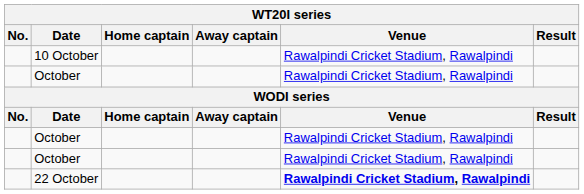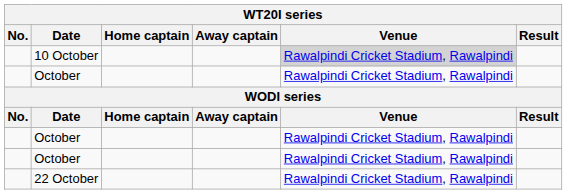 <table class="wikitable">
 <tr>
 <th colspan="9">WT20I series</th>
 </tr>
 <tr>
 <th>No.</th>
 <th>Date</th>
 <th>Home captain</th>
 <th>Away captain</th>
 <th>Venue</th>
 <th>Result</th>
 </tr>
 <tr>
 <td></td>
 <td>10 October</td>
 <td></td>
 <td></td>
-<td><a href='#'>Rawalpindi Cricket Stadium</a>, <a href='#'>Rawalpindi</a></td>
+<td style="background: lightgrey;"><a href='#'>Rawalpindi Cricket Stadium</a>, <a href='#'>Rawalpindi</a></td>
 <td></td>
 </tr>
 <tr>
 <td></td>
 <td>October</td>
 <td></td>
 <td></td>
 <td><a href='#'>Rawalpindi Cricket Stadium</a>, <a href='#'>Rawalpindi</a></td>
 <td></td>
 </tr>
 <tr>
 <th colspan="9">WODI series</th>
 </tr>
 <tr>
 <th>No.</th>
 <th>Date</th>
 <th>Home captain</th>
 <th>Away captain</th>
 <th>Venue</th>
 <th>Result</th>
 </tr>
 <tr>
 <td></td>
 <td>October</td>
 <td></td>
 <td></td>
 <td><a href='#'>Rawalpindi Cricket Stadium</a>, <a href='#'>Rawalpindi</a></td>
 <td></td>
 </tr>
 <tr>
 <td></td>
 <td>October</td>
 <td></td>
 <td></td>
 <td><a href='#'>Rawalpindi Cricket Stadium</a>, <a href='#'>Rawalpindi</a></td>
 <td></td>
 </tr>
 <tr>
 <td></td>
 <td>22 October</td>
 <td></td>
 <td></td>
-<td><strong><a href='#'>Rawalpindi Cricket Stadium</a>, <a href='#'>Rawalpindi</a></strong></td>
+<td><a href='#'>Rawalpindi Cricket Stadium</a>, <a href='#'>Rawalpindi</a></td>
 <td></td>
 </tr>
 </table>
